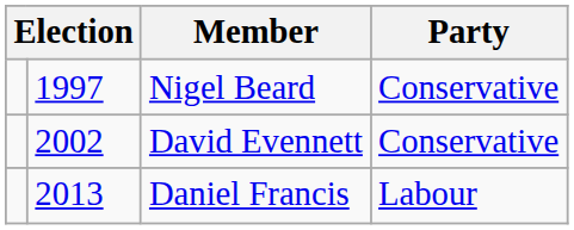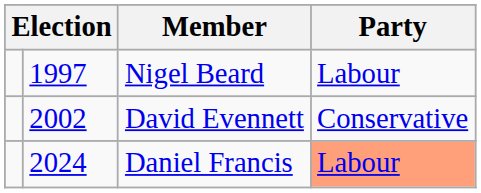 <table class="wikitable">
 <tr>
 <th colspan="2">Election</th>
 <th>Member</th>
 <th>Party</th>
 </tr>
 <tr>
 <td style="color:inherit;background-color: "></td>
 <td><a href='#'>1997</a></td>
 <td><a href='#'>Nigel Beard</a></td>
-<td><a href='#'>Conservative</a></td>
+<td><a href='#'>Labour</a></td>
 </tr>
 <tr>
 <td style="color:inherit;background-color: "></td>
 <td><a href='#'>2002</a></td>
 <td><a href='#'>David Evennett</a></td>
 <td><a href='#'>Conservative</a></td>
 </tr>
 <tr>
 <td style="color:inherit;background-color: "></td>
-<td><a href='#'>2013</a></td>
+<td><a href='#'>2024</a></td>
 <td><a href='#'>Daniel Francis</a></td>
-<td><a href='#'>Labour</a></td>
+<td style="background: lightsalmon;"><a href='#'>Labour</a></td>
 </tr>
 </table>
